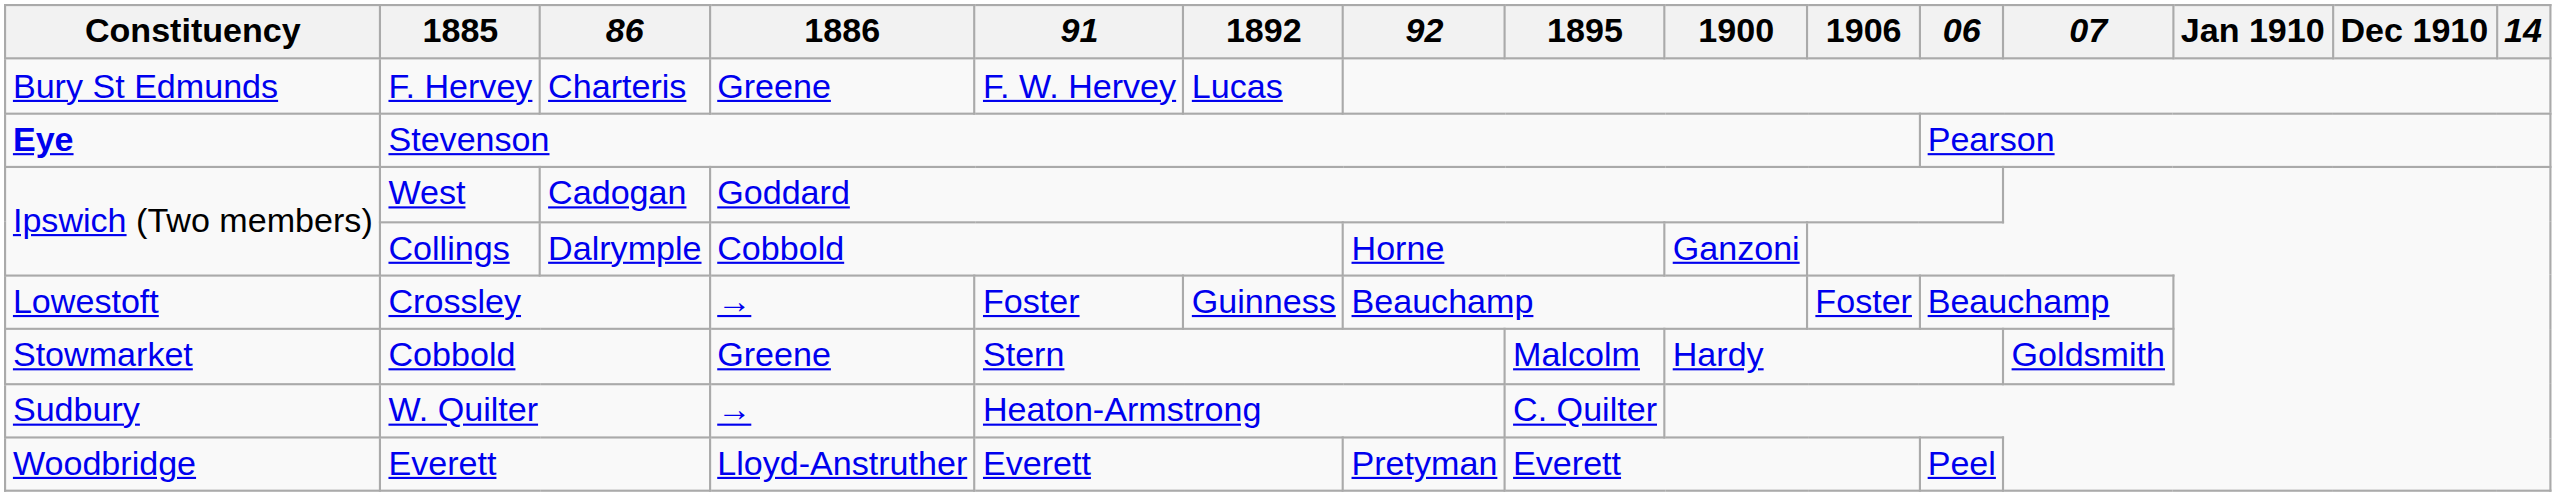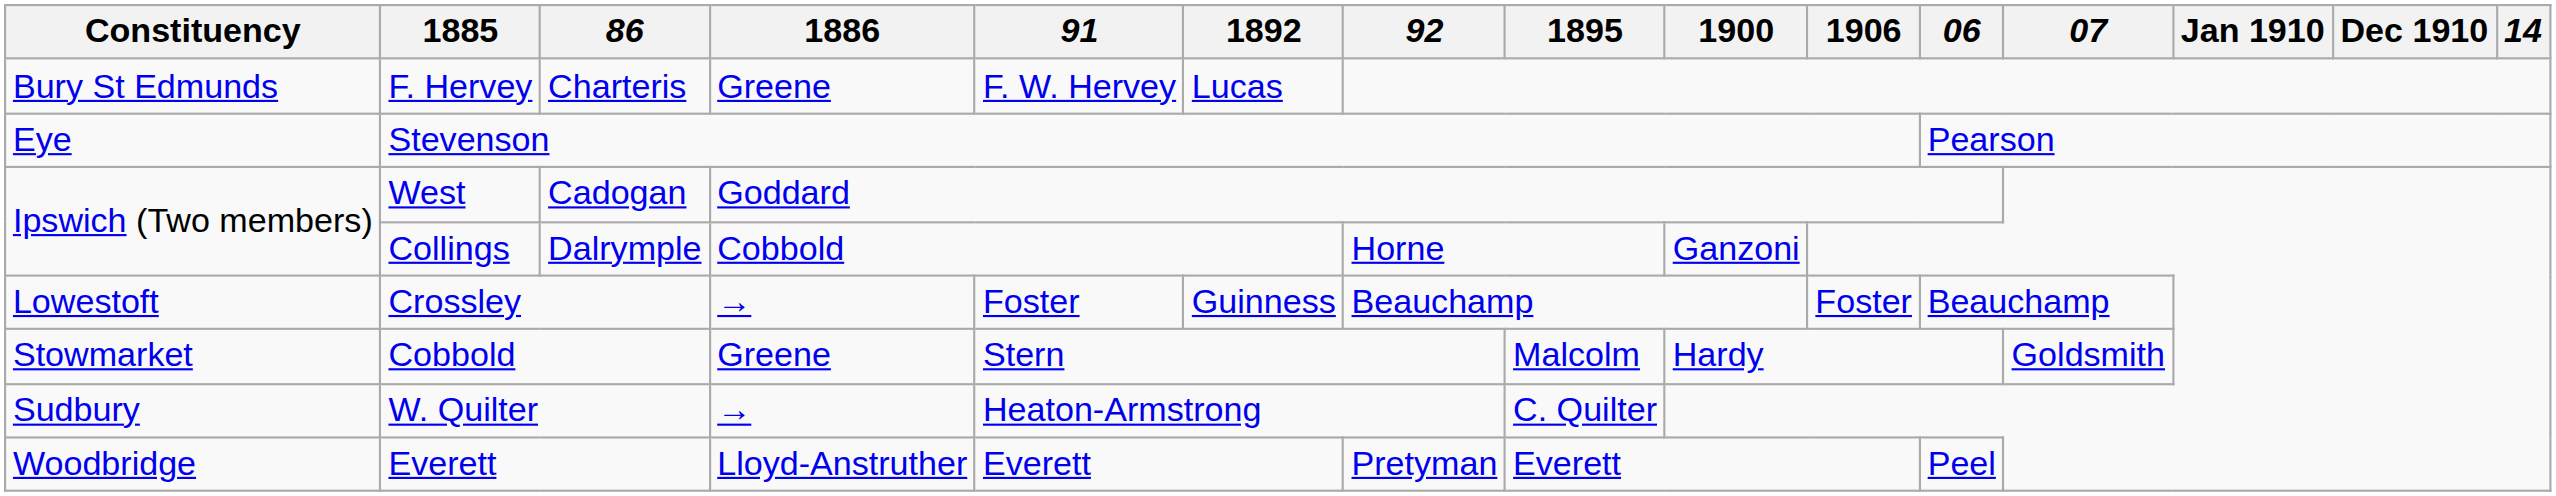 <table class="wikitable">
 <tr>
 <th>Constituency</th>
 <th>1885</th>
 <th><em>86</em></th>
 <th>1886</th>
 <th><em>91</em></th>
 <th>1892</th>
 <th><em>92</em></th>
 <th>1895</th>
 <th>1900</th>
 <th>1906</th>
 <th><em>06</em></th>
 <th><em>07</em></th>
 <th>Jan 1910</th>
 <th>Dec 1910</th>
 <th><em>14</em></th>
 </tr>
 <tr>
 <td><a href='#'>Bury St Edmunds</a></td>
 <td><a href='#'>F. Hervey</a></td>
 <td><a href='#'>Charteris</a></td>
 <td><a href='#'>Greene</a></td>
 <td><a href='#'>F. W. Hervey</a></td>
 <td><a href='#'>Lucas</a></td>
 </tr>
 <tr>
-<td><strong><a href='#'>Eye</a></strong></td>
+<td><a href='#'>Eye</a></td>
 <td colspan="9"><a href='#'>Stevenson</a></td>
 <td colspan="5" bgcolor=><a href='#'>Pearson</a></td>
 </tr>
 <tr>
 <td rowspan="2"><a href='#'>Ipswich</a> (Two members)</td>
 <td bgcolor=><a href='#'>West</a></td>
 <td><a href='#'>Cadogan</a></td>
 <td colspan="8"><a href='#'>Goddard</a></td>
 </tr>
 <tr>
 <td bgcolor=><a href='#'>Collings</a></td>
 <td><a href='#'>Dalrymple</a></td>
 <td colspan="3"><a href='#'>Cobbold</a></td>
 <td colspan="2"><a href='#'>Horne</a></td>
 <td><a href='#'>Ganzoni</a></td>
 </tr>
 <tr>
 <td><a href='#'>Lowestoft</a></td>
 <td colspan="2"><a href='#'>Crossley</a></td>
 <td><a href='#'>→</a></td>
 <td><a href='#'>Foster</a></td>
 <td><a href='#'>Guinness</a></td>
 <td colspan="3"><a href='#'>Beauchamp</a></td>
 <td><a href='#'>Foster</a></td>
 <td colspan="2"><a href='#'>Beauchamp</a></td>
 </tr>
 <tr>
 <td><a href='#'>Stowmarket</a></td>
 <td colspan="2"><a href='#'>Cobbold</a></td>
 <td><a href='#'>Greene</a></td>
 <td colspan="3" bgcolor=><a href='#'>Stern</a></td>
 <td><a href='#'>Malcolm</a></td>
 <td colspan="3"><a href='#'>Hardy</a></td>
 <td><a href='#'>Goldsmith</a></td>
 </tr>
 <tr>
 <td><a href='#'>Sudbury</a></td>
 <td colspan="2"><a href='#'>W. Quilter</a></td>
 <td><a href='#'>→</a></td>
 <td colspan="3"><a href='#'>Heaton-Armstrong</a></td>
 <td><a href='#'>C. Quilter</a></td>
 </tr>
 <tr>
 <td><a href='#'>Woodbridge</a></td>
 <td colspan="2"><a href='#'>Everett</a></td>
 <td><a href='#'>Lloyd-Anstruther</a></td>
 <td colspan="2"><a href='#'>Everett</a></td>
 <td><a href='#'>Pretyman</a></td>
 <td colspan="3"><a href='#'>Everett</a></td>
 <td><a href='#'>Peel</a></td>
 </tr>
 </table>
